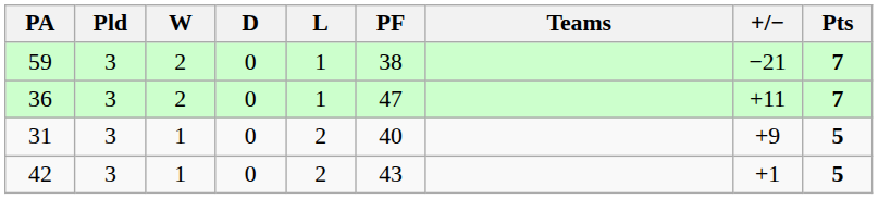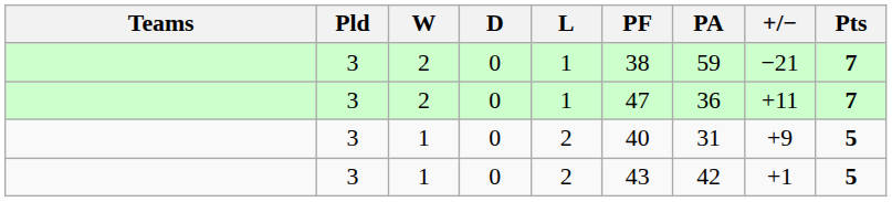 <table class="wikitable" style="text-align: center;">
 <tr>
-<th width="40">PA</th>
+<th width="200">Teams</th>
 <th width="40">Pld</th>
 <th width="40">W</th>
 <th width="40">D</th>
 <th width="40">L</th>
 <th width="40">PF</th>
-<th width="200">Teams</th>
+<th width="40">PA</th>
 <th width="40">+/−</th>
 <th width="40">Pts</th>
 </tr>
 <tr bgcolor=ccffcc>
-<td>59</td>
+<td align=left></td>
 <td>3</td>
 <td>2</td>
 <td>0</td>
 <td>1</td>
 <td>38</td>
-<td align=left></td>
+<td>59</td>
 <td>−21</td>
 <td><strong>7</strong></td>
 </tr>
 <tr bgcolor=ccffcc>
-<td>36</td>
+<td align=left></td>
 <td>3</td>
 <td>2</td>
 <td>0</td>
 <td>1</td>
 <td>47</td>
-<td align=left></td>
+<td>36</td>
 <td>+11</td>
 <td><strong>7</strong></td>
 </tr>
 <tr>
-<td>31</td>
+<td align=left></td>
 <td>3</td>
 <td>1</td>
 <td>0</td>
 <td>2</td>
 <td>40</td>
-<td align=left></td>
+<td>31</td>
 <td>+9</td>
 <td><strong>5</strong></td>
 </tr>
 <tr>
-<td>42</td>
+<td align=left></td>
 <td>3</td>
 <td>1</td>
 <td>0</td>
 <td>2</td>
 <td>43</td>
-<td align=left></td>
+<td>42</td>
 <td>+1</td>
 <td><strong>5</strong></td>
 </tr>
 </table>
